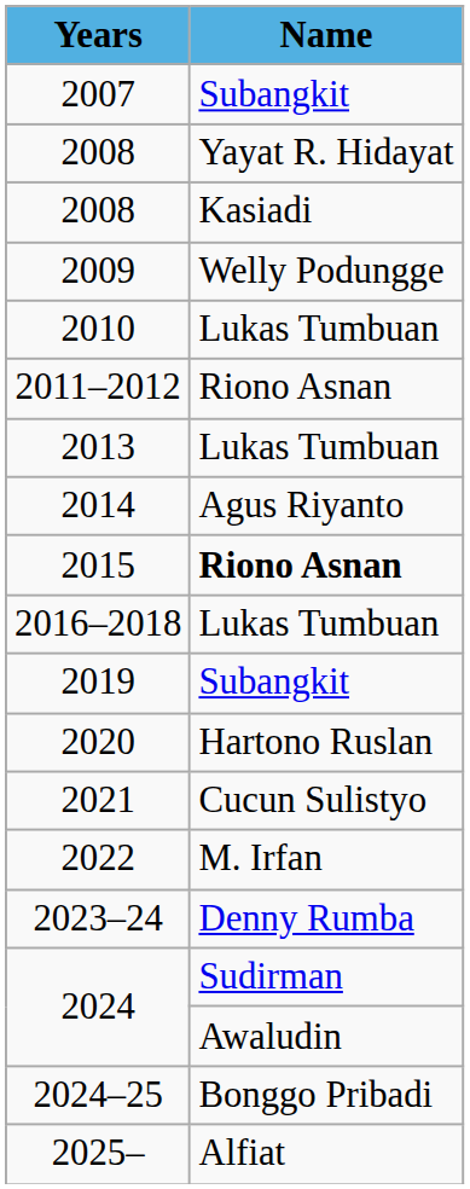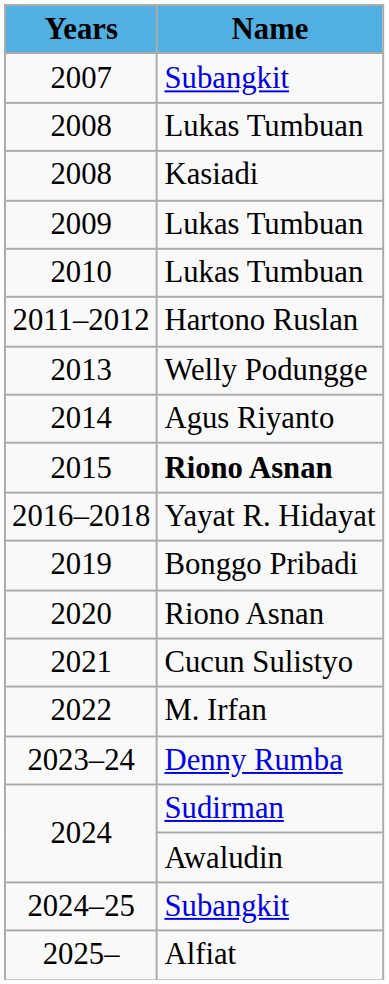 <table class="wikitable">
 <tr>
 <th style="background:#51B0E1;"><span>Years</span></th>
 <th style="background:#51B0E1"><span>Name</span></th>
 </tr>
 <tr>
 <td style="text-align:center;">2007</td>
 <td> <a href='#'>Subangkit</a></td>
 </tr>
 <tr>
 <td style="text-align:center;">2008</td>
-<td> Yayat R. Hidayat</td>
+<td> Lukas Tumbuan</td>
 </tr>
 <tr>
 <td style="text-align:center;">2008</td>
 <td> Kasiadi</td>
 </tr>
 <tr>
 <td style="text-align:center;">2009</td>
-<td> Welly Podungge</td>
+<td> Lukas Tumbuan</td>
 </tr>
 <tr>
 <td style="text-align:center;">2010</td>
 <td> Lukas Tumbuan</td>
 </tr>
 <tr>
 <td style="text-align:center;">2011–2012</td>
-<td> Riono Asnan</td>
+<td> Hartono Ruslan</td>
 </tr>
 <tr>
 <td style="text-align:center;">2013</td>
-<td> Lukas Tumbuan</td>
+<td> Welly Podungge</td>
 </tr>
 <tr>
 <td style="text-align:center;">2014</td>
 <td> Agus Riyanto</td>
 </tr>
 <tr>
 <td style="text-align:center;">2015</td>
 <td><strong> Riono Asnan</strong></td>
 </tr>
 <tr>
 <td style="text-align:center;">2016–2018</td>
-<td> Lukas Tumbuan</td>
+<td> Yayat R. Hidayat</td>
 </tr>
 <tr>
 <td style="text-align:center;">2019</td>
-<td> <a href='#'>Subangkit</a></td>
+<td> Bonggo Pribadi</td>
 </tr>
 <tr>
 <td style="text-align:center;">2020</td>
-<td> Hartono Ruslan</td>
+<td> Riono Asnan</td>
 </tr>
 <tr>
 <td style="text-align:center;">2021</td>
 <td> Cucun Sulistyo</td>
 </tr>
 <tr>
 <td style="text-align:center;">2022</td>
 <td> M. Irfan</td>
 </tr>
 <tr>
 <td style="text-align:center;">2023–24</td>
 <td> <a href='#'>Denny Rumba</a></td>
 </tr>
 <tr>
 <td rowspan="2" style="text-align:center;">2024</td>
 <td> <a href='#'>Sudirman</a></td>
 </tr>
 <tr>
 <td> Awaludin </td>
 </tr>
 <tr>
 <td style="text-align:center;">2024–25</td>
-<td> Bonggo Pribadi</td>
+<td> <a href='#'>Subangkit</a></td>
 </tr>
 <tr>
 <td style="text-align:center;">2025–</td>
 <td> Alfiat</td>
 </tr>
 </table>
